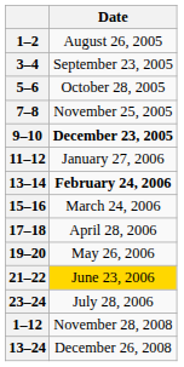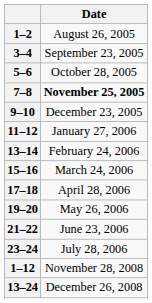 <table class="wikitable" style="text-align: center;">
 <tr>
 <th scope="col"></th>
 <th scope="col">Date</th>
 </tr>
 <tr>
 <th scope="row">1–2</th>
 <td>August 26, 2005</td>
 </tr>
 <tr>
 <th scope="row">3–4</th>
 <td>September 23, 2005</td>
 </tr>
 <tr>
 <th scope="row">5–6</th>
 <td>October 28, 2005</td>
 </tr>
 <tr>
 <th scope="row">7–8</th>
-<td>November 25, 2005</td>
+<td><strong>November 25, 2005</strong></td>
 </tr>
 <tr>
 <th scope="row">9–10</th>
-<td><strong>December 23, 2005</strong></td>
+<td>December 23, 2005</td>
 </tr>
 <tr>
 <th scope="row">11–12</th>
 <td>January 27, 2006</td>
 </tr>
 <tr>
 <th scope="row">13–14</th>
-<td><strong>February 24, 2006</strong></td>
+<td>February 24, 2006</td>
 </tr>
 <tr>
 <th scope="row">15–16</th>
 <td>March 24, 2006</td>
 </tr>
 <tr>
 <th scope="row">17–18</th>
 <td>April 28, 2006</td>
 </tr>
 <tr>
 <th scope="row">19–20</th>
 <td>May 26, 2006</td>
 </tr>
 <tr>
 <th scope="row">21–22</th>
-<td style="background: gold;">June 23, 2006</td>
+<td>June 23, 2006</td>
 </tr>
 <tr>
 <th scope="row">23–24</th>
 <td>July 28, 2006</td>
 </tr>
 <tr>
 <th scope="row">1–12</th>
 <td>November 28, 2008</td>
 </tr>
 <tr>
 <th scope="row">13–24</th>
 <td>December 26, 2008</td>
 </tr>
 </table>
